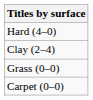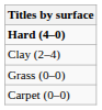 <table class=wikitable style=font-size:97%>
 <tr>
 <th>Titles by surface</th>
 </tr>
 <tr>
-<td>Hard (4–0)</td>
+<td><strong>Hard (4–0)</strong></td>
 </tr>
 <tr>
 <td>Clay (2–4)</td>
 </tr>
 <tr>
 <td>Grass (0–0)</td>
 </tr>
 <tr>
 <td>Carpet (0–0)</td>
 </tr>
 </table>
